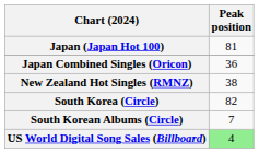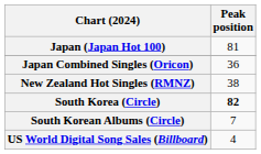 <table class="wikitable plainrowheaders sortable" style="text-align:center">
 <tr>
 <th scope="col">Chart (2024)</th>
 <th scope="col">Peak<br>position</th>
 </tr>
 <tr>
 <th scope="row">Japan (<a href='#'>Japan Hot 100</a>)</th>
 <td>81</td>
 </tr>
 <tr>
 </tr>
 <tr>
 <th scope="row">Japan Combined Singles (<a href='#'>Oricon</a>)</th>
 <td>36</td>
 </tr>
 <tr>
 <th scope="row">New Zealand Hot Singles (<a href='#'>RMNZ</a>)</th>
 <td>38</td>
 </tr>
 <tr>
 <th scope="row">South Korea (<a href='#'>Circle</a>)</th>
-<td>82</td>
+<td><strong>82</strong></td>
 </tr>
 <tr>
 <th scope="row">South Korean Albums (<a href='#'>Circle</a>)</th>
 <td>7</td>
 </tr>
 <tr>
 <th scope="row">US <a href='#'>World Digital Song Sales</a> (<em><a href='#'>Billboard</a></em>)</th>
-<td style="background: lightgreen;">4</td>
+<td>4</td>
 </tr>
 </table>
